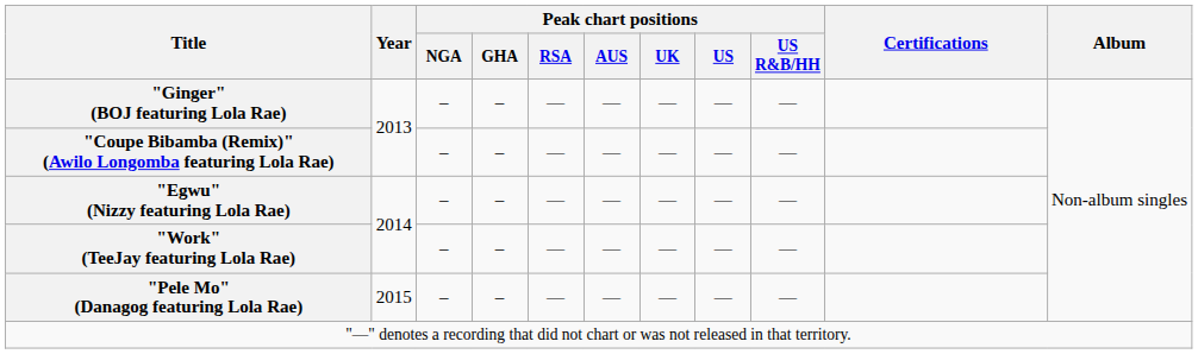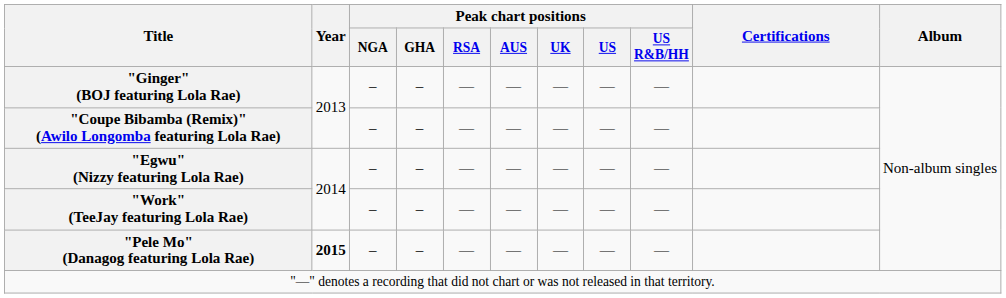 <table class="wikitable plainrowheaders" style="text-align:center;">
 <tr>
 <th scope="col" rowspan="2" style="width:20em;">Title</th>
 <th scope="col" rowspan="2">Year</th>
 <th scope="col" colspan="7">Peak chart positions</th>
 <th scope="col" rowspan="2" style="width:12em;"><a href='#'>Certifications</a></th>
 <th scope="col" rowspan="2">Album</th>
 </tr>
 <tr>
 <th scope="col" style="width:3em;font-size:90%;">NGA</th>
 <th scope="col" style="width:3em;font-size:90%;">GHA</th>
 <th scope="col" style="width:3em;font-size:90%;"><a href='#'>RSA</a></th>
 <th scope="col" style="width:3em;font-size:90%;"><a href='#'>AUS</a></th>
 <th scope="col" style="width:3em;font-size:90%;"><a href='#'>UK</a></th>
 <th scope="col" style="width:3em;font-size:90%;"><a href='#'>US</a></th>
 <th scope="col" style="width:3em;font-size:90%;"><a href='#'>US<br>R&B/HH</a></th>
 </tr>
 <tr>
 <th scope="row">"Ginger"<br><span>(BOJ featuring Lola Rae)</span></th>
 <td rowspan="2">2013</td>
 <td>–</td>
 <td>–</td>
 <td>—</td>
 <td>—</td>
 <td>—</td>
 <td>—</td>
 <td>—</td>
 <td></td>
 <td rowspan="5">Non-album singles</td>
 </tr>
 <tr>
 <th scope="row">"Coupe Bibamba (Remix)"<br><span>(<a href='#'>Awilo Longomba</a> featuring Lola Rae)</span></th>
 <td>–</td>
 <td>–</td>
 <td>—</td>
 <td>—</td>
 <td>—</td>
 <td>—</td>
 <td>—</td>
 <td></td>
 </tr>
 <tr>
 <th scope="row">"Egwu"<br><span>(Nizzy featuring Lola Rae)</span></th>
 <td rowspan="2">2014</td>
 <td>–</td>
 <td>–</td>
 <td>—</td>
 <td>—</td>
 <td>—</td>
 <td>—</td>
 <td>—</td>
 <td></td>
 </tr>
 <tr>
 <th scope="row">"Work"<br><span>(TeeJay featuring Lola Rae)</span></th>
 <td>–</td>
 <td>–</td>
 <td>—</td>
 <td>—</td>
 <td>—</td>
 <td>—</td>
 <td>—</td>
 <td></td>
 </tr>
 <tr>
 <th scope="row">"Pele Mo"<br><span>(Danagog featuring Lola Rae)</span></th>
-<td>2015</td>
+<td><strong>2015</strong></td>
 <td>–</td>
 <td>–</td>
 <td>—</td>
 <td>—</td>
 <td>—</td>
 <td>—</td>
 <td>—</td>
 <td></td>
 </tr>
 <tr>
 <td colspan="14" style="font-size:90%">"—" denotes a recording that did not chart or was not released in that territory.</td>
 </tr>
 </table>
